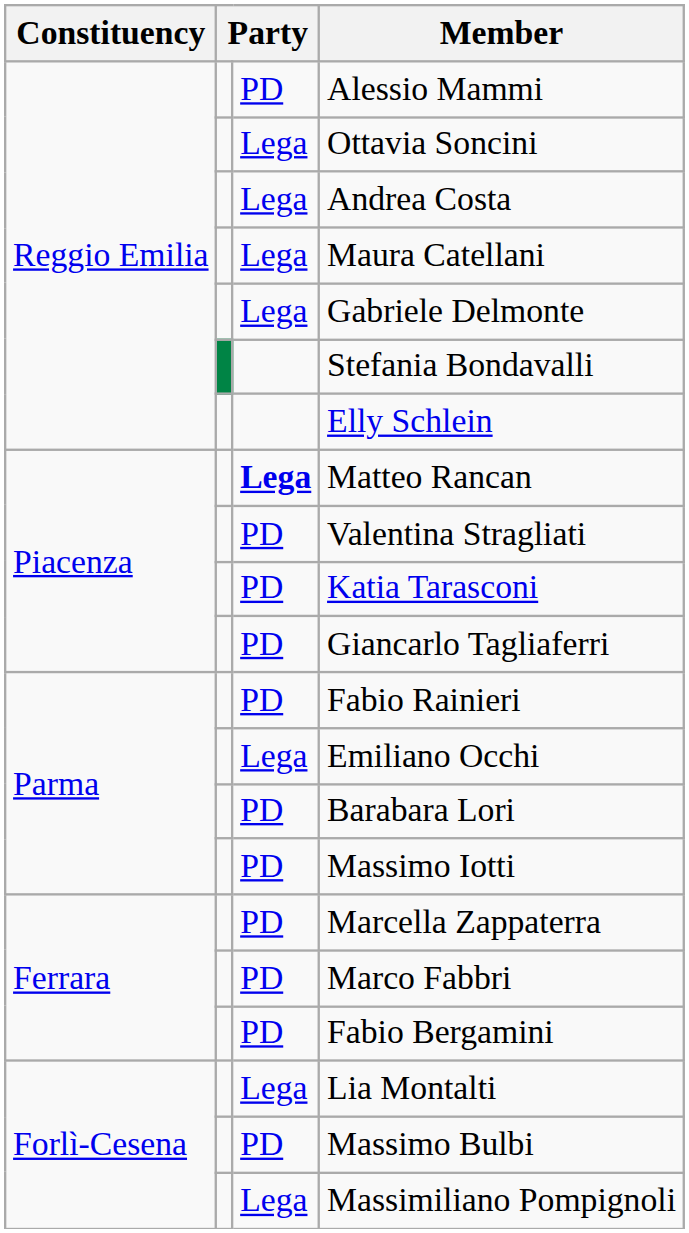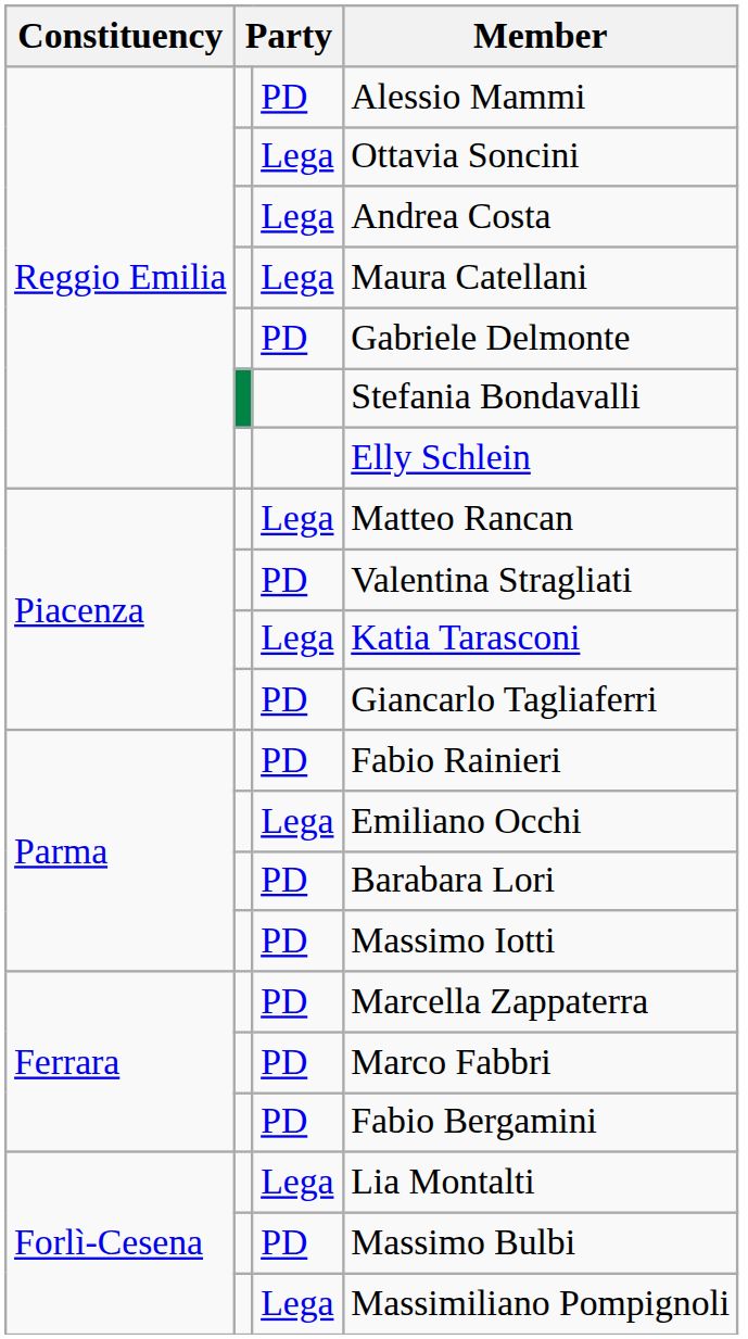 <table class="wikitable" style="font-size:90%">
 <tr>
 <th>Constituency</th>
 <th colspan=2>Party</th>
 <th>Member</th>
 </tr>
 <tr>
 <td rowspan="7"><a href='#'>Reggio Emilia</a></td>
 <td style="background:"></td>
 <td><a href='#'>PD</a></td>
 <td>Alessio Mammi</td>
 </tr>
 <tr>
 <td style="background:"></td>
 <td><a href='#'>Lega</a></td>
 <td>Ottavia Soncini</td>
 </tr>
 <tr>
 <td style="background:"></td>
 <td><a href='#'>Lega</a></td>
 <td>Andrea Costa</td>
 </tr>
 <tr>
 <td style="background:"></td>
 <td><a href='#'>Lega</a></td>
 <td>Maura Catellani</td>
 </tr>
 <tr>
 <td style="background:"></td>
-<td><a href='#'>Lega</a></td>
+<td><a href='#'>PD</a></td>
 <td>Gabriele Delmonte</td>
 </tr>
 <tr>
 <td style="background:#008445"></td>
 <td></td>
 <td>Stefania Bondavalli</td>
 </tr>
 <tr>
 <td style="background:"></td>
 <td></td>
 <td><a href='#'>Elly Schlein</a></td>
 </tr>
 <tr>
 <td rowspan="4"><a href='#'>Piacenza</a></td>
 <td style="background:"></td>
-<td><strong><a href='#'>Lega</a></strong></td>
+<td><a href='#'>Lega</a></td>
 <td>Matteo Rancan</td>
 </tr>
 <tr>
 <td style="background:"></td>
 <td><a href='#'>PD</a></td>
 <td>Valentina Stragliati</td>
 </tr>
 <tr>
 <td style="background:"></td>
-<td><a href='#'>PD</a></td>
+<td><a href='#'>Lega</a></td>
 <td><a href='#'>Katia Tarasconi</a></td>
 </tr>
 <tr>
 <td style="background:"></td>
 <td><a href='#'>PD</a></td>
 <td>Giancarlo Tagliaferri</td>
 </tr>
 <tr>
 <td rowspan="4"><a href='#'>Parma</a></td>
 <td style="background:"></td>
 <td><a href='#'>PD</a></td>
 <td>Fabio Rainieri</td>
 </tr>
 <tr>
 <td style="background:"></td>
 <td><a href='#'>Lega</a></td>
 <td>Emiliano Occhi</td>
 </tr>
 <tr>
 <td style="background:"></td>
 <td><a href='#'>PD</a></td>
 <td>Barabara Lori</td>
 </tr>
 <tr>
 <td style="background:"></td>
 <td><a href='#'>PD</a></td>
 <td>Massimo Iotti</td>
 </tr>
 <tr>
 <td rowspan="3"><a href='#'>Ferrara</a></td>
 <td style="background:"></td>
 <td><a href='#'>PD</a></td>
 <td>Marcella Zappaterra</td>
 </tr>
 <tr>
 <td style="background:"></td>
 <td><a href='#'>PD</a></td>
 <td>Marco Fabbri</td>
 </tr>
 <tr>
 <td style="background:"></td>
 <td><a href='#'>PD</a></td>
 <td>Fabio Bergamini</td>
 </tr>
 <tr>
 <td rowspan="3"><a href='#'>Forlì-Cesena</a></td>
 <td style="background:"></td>
 <td><a href='#'>Lega</a></td>
 <td>Lia Montalti</td>
 </tr>
 <tr>
 <td style="background:"></td>
 <td><a href='#'>PD</a></td>
 <td>Massimo Bulbi</td>
 </tr>
 <tr>
 <td style="background:"></td>
 <td><a href='#'>Lega</a></td>
 <td>Massimiliano Pompignoli</td>
 </tr>
 </table>
